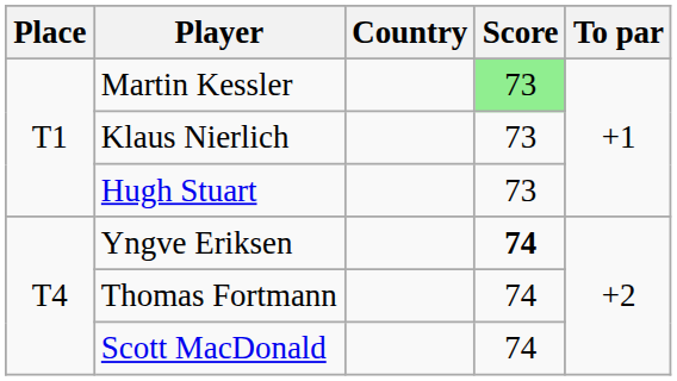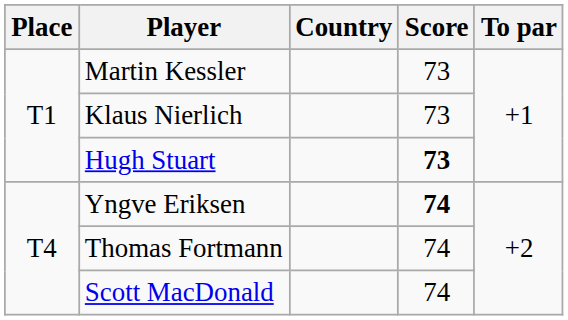 <table class="wikitable" style="font-size:95%;">
 <tr>
 <th>Place</th>
 <th>Player</th>
 <th>Country</th>
 <th>Score</th>
 <th>To par</th>
 </tr>
 <tr>
 <td rowspan="3" align=center>T1</td>
 <td>Martin Kessler</td>
 <td></td>
-<td align="center" style="background: lightgreen;">73</td>
+<td align="center">73</td>
 <td rowspan="3" align=center>+1</td>
 </tr>
 <tr>
 <td>Klaus Nierlich</td>
 <td></td>
 <td align=center>73</td>
 </tr>
 <tr>
 <td><a href='#'>Hugh Stuart</a></td>
 <td></td>
-<td align=center>73</td>
+<td align=center><strong>73</strong></td>
 </tr>
 <tr>
 <td rowspan="3" align=center>T4</td>
 <td>Yngve Eriksen</td>
 <td></td>
 <td align=center><strong>74</strong></td>
 <td rowspan="3" align=center>+2</td>
 </tr>
 <tr>
 <td>Thomas Fortmann</td>
 <td></td>
 <td align=center>74</td>
 </tr>
 <tr>
 <td><a href='#'>Scott MacDonald</a></td>
 <td></td>
 <td align=center>74</td>
 </tr>
 </table>
